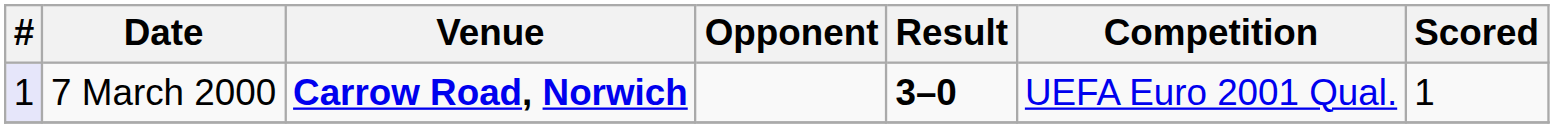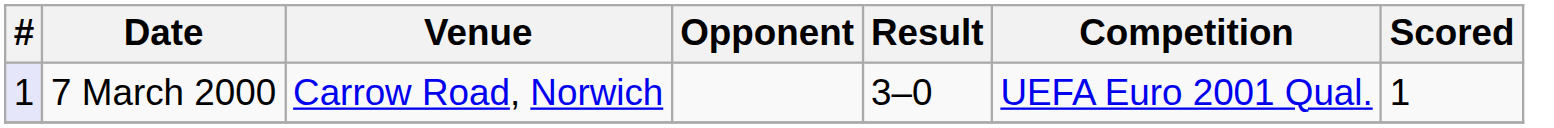 <table class="wikitable">
 <tr>
 <th>#</th>
 <th>Date</th>
 <th>Venue</th>
 <th>Opponent</th>
 <th>Result</th>
 <th>Competition</th>
 <th>Scored</th>
 </tr>
 <tr>
 <td style="background: lavender;">1</td>
 <td>7 March 2000</td>
-<td><strong><a href='#'>Carrow Road</a>, <a href='#'>Norwich</a></strong></td>
+<td><a href='#'>Carrow Road</a>, <a href='#'>Norwich</a></td>
 <td></td>
-<td><strong>3–0</strong></td>
+<td>3–0</td>
 <td><a href='#'>UEFA Euro 2001 Qual.</a></td>
 <td>1</td>
 </tr>
 <tr>
 </tr>
 </table>
